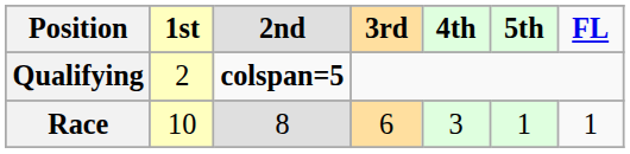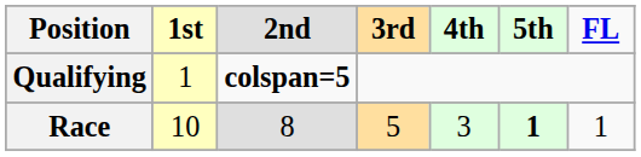 <table class="wikitable" style="font-size:85%; text-align:center">
 <tr>
 <th>Position</th>
 <td style="background:#ffffbf;"> <strong>1st</strong> </td>
 <td style="background:#dfdfdf;"> <strong>2nd</strong> </td>
 <td style="background:#ffdf9f;"> <strong>3rd</strong> </td>
 <td style="background:#dfffdf;"> <strong>4th</strong> </td>
 <td style="background:#dfffdf;"> <strong>5th</strong> </td>
 <td> <strong><a href='#'>FL</a></strong> </td>
 </tr>
 <tr>
 <th>Qualifying</th>
-<td style="background:#ffffbf;">2</td>
+<td style="background:#ffffbf;">1</td>
 <td><strong>colspan=5 </strong></td>
 </tr>
 <tr>
 <th>Race</th>
 <td style="background:#ffffbf;">10</td>
 <td style="background:#dfdfdf;">8</td>
-<td style="background:#ffdf9f;">6</td>
+<td style="background:#ffdf9f;">5</td>
 <td style="background:#dfffdf;">3</td>
-<td style="background:#dfffdf;">1</td>
+<td style="background:#dfffdf;"><strong>1</strong></td>
 <td>1</td>
 </tr>
 </table>
